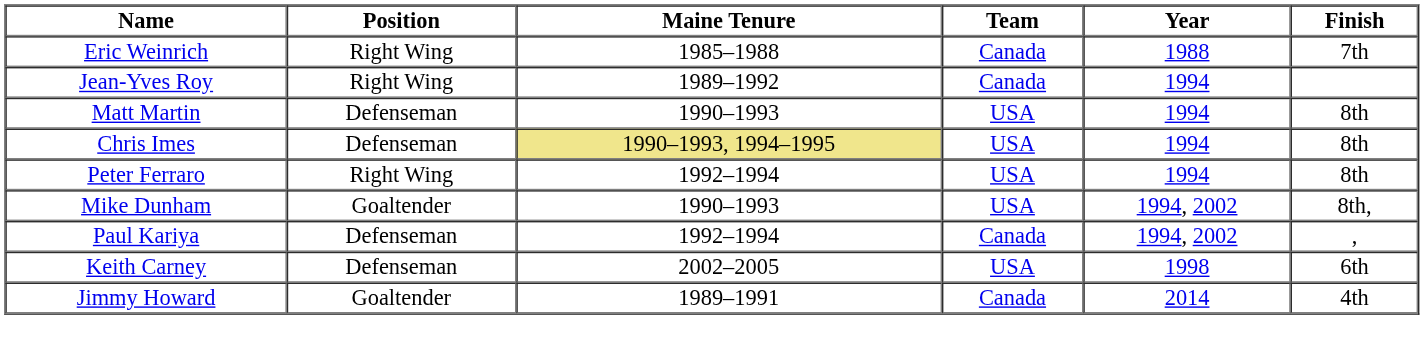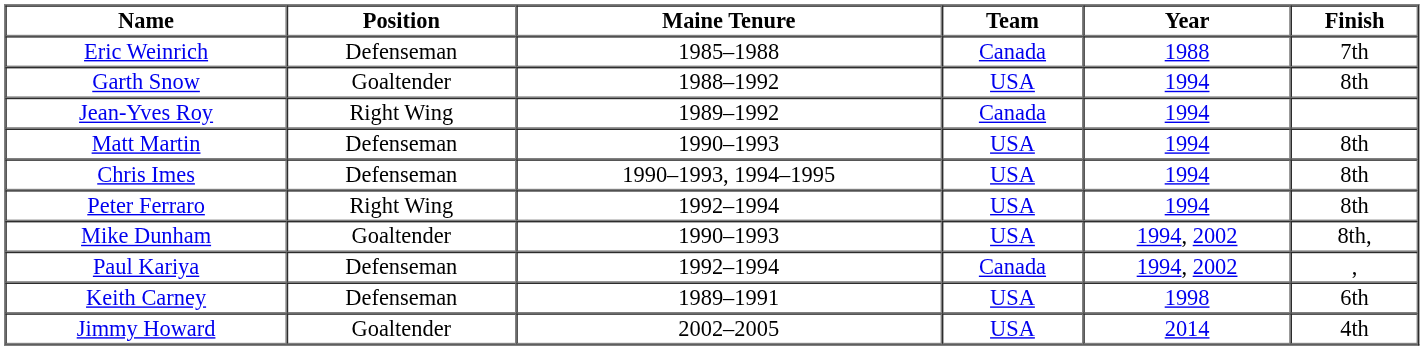 <table cellpadding="1" border="1" cellspacing="0" width="80%">
 <tr>
 <th>Name</th>
 <th>Position</th>
 <th>Maine Tenure</th>
 <th>Team</th>
 <th>Year</th>
 <th>Finish</th>
 </tr>
 <tr align="center">
 <td><a href='#'>Eric Weinrich</a></td>
-<td>Right Wing</td>
+<td>Defenseman</td>
 <td>1985–1988</td>
 <td> <a href='#'>Canada</a></td>
 <td><a href='#'>1988</a></td>
 <td>7th</td>
+</tr>
+<tr align="center">
+<td><a href='#'>Garth Snow</a></td>
+<td>Goaltender</td>
+<td>1988–1992</td>
+<td> <a href='#'>USA</a></td>
+<td><a href='#'>1994</a></td>
+<td>8th</td>
 </tr>
 <tr align="center">
 <td><a href='#'>Jean-Yves Roy</a></td>
 <td>Right Wing</td>
 <td>1989–1992</td>
 <td> <a href='#'>Canada</a></td>
 <td><a href='#'>1994</a></td>
 <td></td>
 </tr>
 <tr align="center">
 <td><a href='#'>Matt Martin</a></td>
 <td>Defenseman</td>
 <td>1990–1993</td>
 <td> <a href='#'>USA</a></td>
 <td><a href='#'>1994</a></td>
 <td>8th</td>
 </tr>
 <tr align="center">
 <td><a href='#'>Chris Imes</a></td>
 <td>Defenseman</td>
-<td style="background: khaki;">1990–1993, 1994–1995</td>
+<td>1990–1993, 1994–1995</td>
 <td> <a href='#'>USA</a></td>
 <td><a href='#'>1994</a></td>
 <td>8th</td>
 </tr>
 <tr align="center">
 <td><a href='#'>Peter Ferraro</a></td>
 <td>Right Wing</td>
 <td>1992–1994</td>
 <td> <a href='#'>USA</a></td>
 <td><a href='#'>1994</a></td>
 <td>8th</td>
 </tr>
 <tr align="center">
 <td><a href='#'>Mike Dunham</a></td>
 <td>Goaltender</td>
 <td>1990–1993</td>
 <td> <a href='#'>USA</a></td>
 <td><a href='#'>1994</a>, <a href='#'>2002</a></td>
 <td>8th, </td>
 </tr>
 <tr align="center">
 <td><a href='#'>Paul Kariya</a></td>
 <td>Defenseman</td>
 <td>1992–1994</td>
 <td> <a href='#'>Canada</a></td>
 <td><a href='#'>1994</a>, <a href='#'>2002</a></td>
 <td>, </td>
 </tr>
 <tr align="center">
 <td><a href='#'>Keith Carney</a></td>
 <td>Defenseman</td>
-<td>2002–2005</td>
+<td>1989–1991</td>
 <td> <a href='#'>USA</a></td>
 <td><a href='#'>1998</a></td>
 <td>6th</td>
 </tr>
 <tr align="center">
 <td><a href='#'>Jimmy Howard</a></td>
 <td>Goaltender</td>
-<td>1989–1991</td>
-<td> <a href='#'>Canada</a></td>
+<td>2002–2005</td>
+<td> <a href='#'>USA</a></td>
 <td><a href='#'>2014</a></td>
 <td>4th</td>
 </tr>
 <tr align="center">
 </tr>
 </table>
